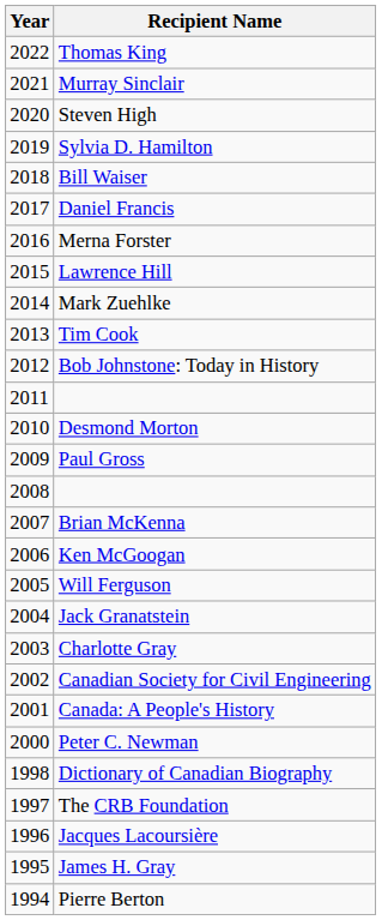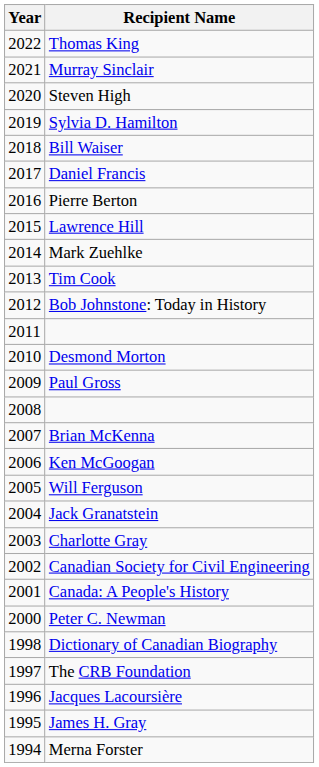 <table class="wikitable">
 <tr>
 <th>Year</th>
 <th>Recipient Name</th>
 </tr>
 <tr>
 <td>2022</td>
 <td><a href='#'>Thomas King</a></td>
 </tr>
 <tr>
 <td>2021</td>
 <td><a href='#'>Murray Sinclair</a></td>
 </tr>
 <tr>
 <td>2020</td>
 <td>Steven High</td>
 </tr>
 <tr>
 <td>2019</td>
 <td><a href='#'>Sylvia D. Hamilton</a></td>
 </tr>
 <tr>
 <td>2018</td>
 <td><a href='#'>Bill Waiser</a></td>
 </tr>
 <tr>
 <td>2017</td>
 <td><a href='#'>Daniel Francis</a></td>
 </tr>
 <tr>
 <td>2016</td>
-<td>Merna Forster</td>
+<td>Pierre Berton</td>
 </tr>
 <tr>
 <td>2015</td>
 <td><a href='#'>Lawrence Hill</a></td>
 </tr>
 <tr>
 <td>2014</td>
 <td>Mark Zuehlke</td>
 </tr>
 <tr>
 <td>2013</td>
 <td><a href='#'>Tim Cook</a></td>
 </tr>
 <tr>
 <td>2012</td>
 <td><a href='#'>Bob Johnstone</a>: Today in History</td>
 </tr>
 <tr>
 <td>2011</td>
 <td></td>
 </tr>
 <tr>
 <td>2010</td>
 <td><a href='#'>Desmond Morton</a></td>
 </tr>
 <tr>
 <td>2009</td>
 <td><a href='#'>Paul Gross</a></td>
 </tr>
 <tr>
 <td>2008</td>
 <td></td>
 </tr>
 <tr>
 <td>2007</td>
 <td><a href='#'>Brian McKenna</a></td>
 </tr>
 <tr>
 <td>2006</td>
 <td><a href='#'>Ken McGoogan</a></td>
 </tr>
 <tr>
 <td>2005</td>
 <td><a href='#'>Will Ferguson</a></td>
 </tr>
 <tr>
 <td>2004</td>
 <td><a href='#'>Jack Granatstein</a></td>
 </tr>
 <tr>
 <td>2003</td>
 <td><a href='#'>Charlotte Gray</a></td>
 </tr>
 <tr>
 <td>2002</td>
 <td><a href='#'>Canadian Society for Civil Engineering</a></td>
 </tr>
 <tr>
 <td>2001</td>
 <td><a href='#'>Canada: A People's History</a></td>
 </tr>
 <tr>
 <td>2000</td>
 <td><a href='#'>Peter C. Newman</a></td>
 </tr>
 <tr>
 <td>1998</td>
 <td><a href='#'>Dictionary of Canadian Biography</a></td>
 </tr>
 <tr>
 <td>1997</td>
 <td>The <a href='#'>CRB Foundation</a></td>
 </tr>
 <tr>
 <td>1996</td>
 <td><a href='#'>Jacques Lacoursière</a></td>
 </tr>
 <tr>
 <td>1995</td>
 <td><a href='#'>James H. Gray</a></td>
 </tr>
 <tr>
 <td>1994</td>
-<td>Pierre Berton</td>
+<td>Merna Forster</td>
 </tr>
 </table>
